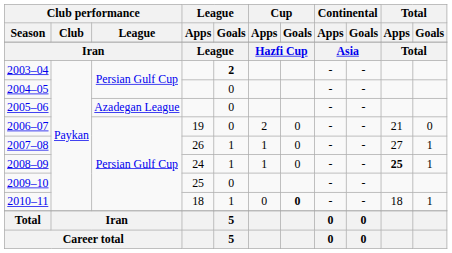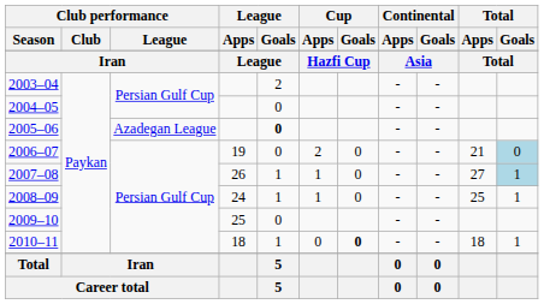 <table class="wikitable" style="text-align:center">
 <tr>
 <th colspan=3>Club performance</th>
 <th colspan=2>League</th>
 <th colspan=2>Cup</th>
 <th colspan=2>Continental</th>
 <th colspan=2>Total</th>
 </tr>
 <tr>
 <th>Season</th>
 <th>Club</th>
 <th>League</th>
 <th>Apps</th>
 <th>Goals</th>
 <th>Apps</th>
 <th>Goals</th>
 <th>Apps</th>
 <th>Goals</th>
 <th>Apps</th>
 <th>Goals</th>
 </tr>
 <tr>
 </tr>
 <tr>
 <th colspan=3>Iran</th>
 <th colspan=2>League</th>
 <th colspan=2><a href='#'>Hazfi Cup</a></th>
 <th colspan=2><a href='#'>Asia</a></th>
 <th colspan=2>Total</th>
 </tr>
 <tr>
 <td><a href='#'>2003–04</a></td>
 <td rowspan="8"><a href='#'>Paykan</a></td>
 <td rowspan="2"><a href='#'>Persian Gulf Cup</a></td>
 <td></td>
-<td><strong>2</strong></td>
+<td>2</td>
 <td></td>
 <td></td>
 <td>-</td>
 <td>-</td>
 <td></td>
 <td></td>
 </tr>
 <tr>
 <td><a href='#'>2004–05</a></td>
 <td></td>
 <td>0</td>
 <td></td>
 <td></td>
 <td>-</td>
 <td>-</td>
 <td></td>
 <td></td>
 </tr>
 <tr>
 <td><a href='#'>2005–06</a></td>
 <td rowspan="1"><a href='#'>Azadegan League</a></td>
 <td></td>
-<td>0</td>
+<td><strong>0</strong></td>
 <td></td>
 <td></td>
 <td>-</td>
 <td>-</td>
 <td></td>
 <td></td>
 </tr>
 <tr>
 <td><a href='#'>2006–07</a></td>
 <td rowspan="5"><a href='#'>Persian Gulf Cup</a></td>
 <td>19</td>
 <td>0</td>
 <td>2</td>
 <td>0</td>
 <td>-</td>
 <td>-</td>
 <td>21</td>
-<td>0</td>
+<td style="background: lightblue;">0</td>
 </tr>
 <tr>
 <td><a href='#'>2007–08</a></td>
 <td>26</td>
 <td>1</td>
 <td>1</td>
 <td>0</td>
 <td>-</td>
 <td>-</td>
 <td>27</td>
-<td>1</td>
+<td style="background: lightblue;">1</td>
 </tr>
 <tr>
 <td><a href='#'>2008–09</a></td>
 <td>24</td>
 <td>1</td>
 <td>1</td>
 <td>0</td>
 <td>-</td>
 <td>-</td>
-<td><strong>25</strong></td>
+<td>25</td>
 <td>1</td>
 </tr>
 <tr>
 <td><a href='#'>2009–10</a></td>
 <td>25</td>
 <td>0</td>
 <td></td>
 <td></td>
 <td>-</td>
 <td>-</td>
 <td></td>
 <td></td>
 </tr>
 <tr>
 <td><a href='#'>2010–11</a></td>
 <td>18</td>
 <td>1</td>
 <td>0</td>
 <td><strong>0</strong></td>
 <td>-</td>
 <td>-</td>
 <td>18</td>
 <td>1</td>
 </tr>
 <tr>
 </tr>
 <tr>
 <th rowspan=1>Total</th>
 <th colspan=2>Iran</th>
 <th></th>
 <th>5</th>
 <th></th>
 <th></th>
 <th>0</th>
 <th>0</th>
 <th></th>
 <th></th>
 </tr>
 <tr>
 <th colspan=3>Career total</th>
 <th></th>
 <th>5</th>
 <th></th>
 <th></th>
 <th>0</th>
 <th>0</th>
 <th></th>
 <th></th>
 </tr>
 </table>
